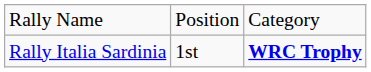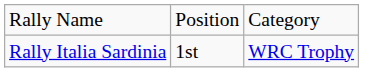 <table class="wikitable">
 <tr>
 <td>Rally Name</td>
 <td>Position</td>
 <td>Category</td>
 </tr>
 <tr>
 <td><a href='#'>Rally Italia Sardinia</a>  </td>
 <td>1st</td>
-<td><strong><a href='#'>WRC Trophy</a></strong></td>
+<td><a href='#'>WRC Trophy</a></td>
 </tr>
 </table>
